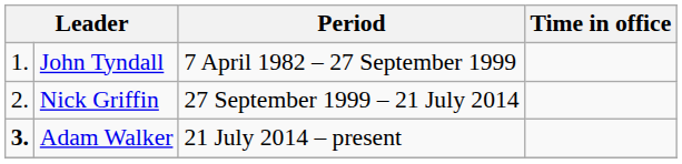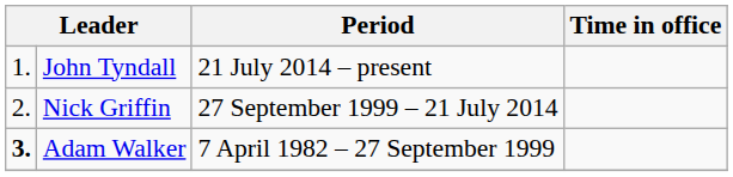 <table class="wikitable sortable">
 <tr>
 <th colspan="2">Leader</th>
 <th class="unsortable">Period</th>
 <th>Time in office</th>
 </tr>
 <tr>
 <td>1.</td>
 <td><a href='#'>John Tyndall</a></td>
-<td>7 April 1982 – 27 September 1999</td>
+<td>21 July 2014 – present</td>
 <td></td>
 </tr>
 <tr>
 <td>2.</td>
 <td><a href='#'>Nick Griffin</a></td>
 <td>27 September 1999 – 21 July 2014</td>
 <td></td>
 </tr>
 <tr>
 <td><strong>3.</strong></td>
 <td><a href='#'>Adam Walker</a></td>
-<td>21 July 2014 – present</td>
+<td>7 April 1982 – 27 September 1999</td>
 <td></td>
 </tr>
 <tr>
 </tr>
 </table>
